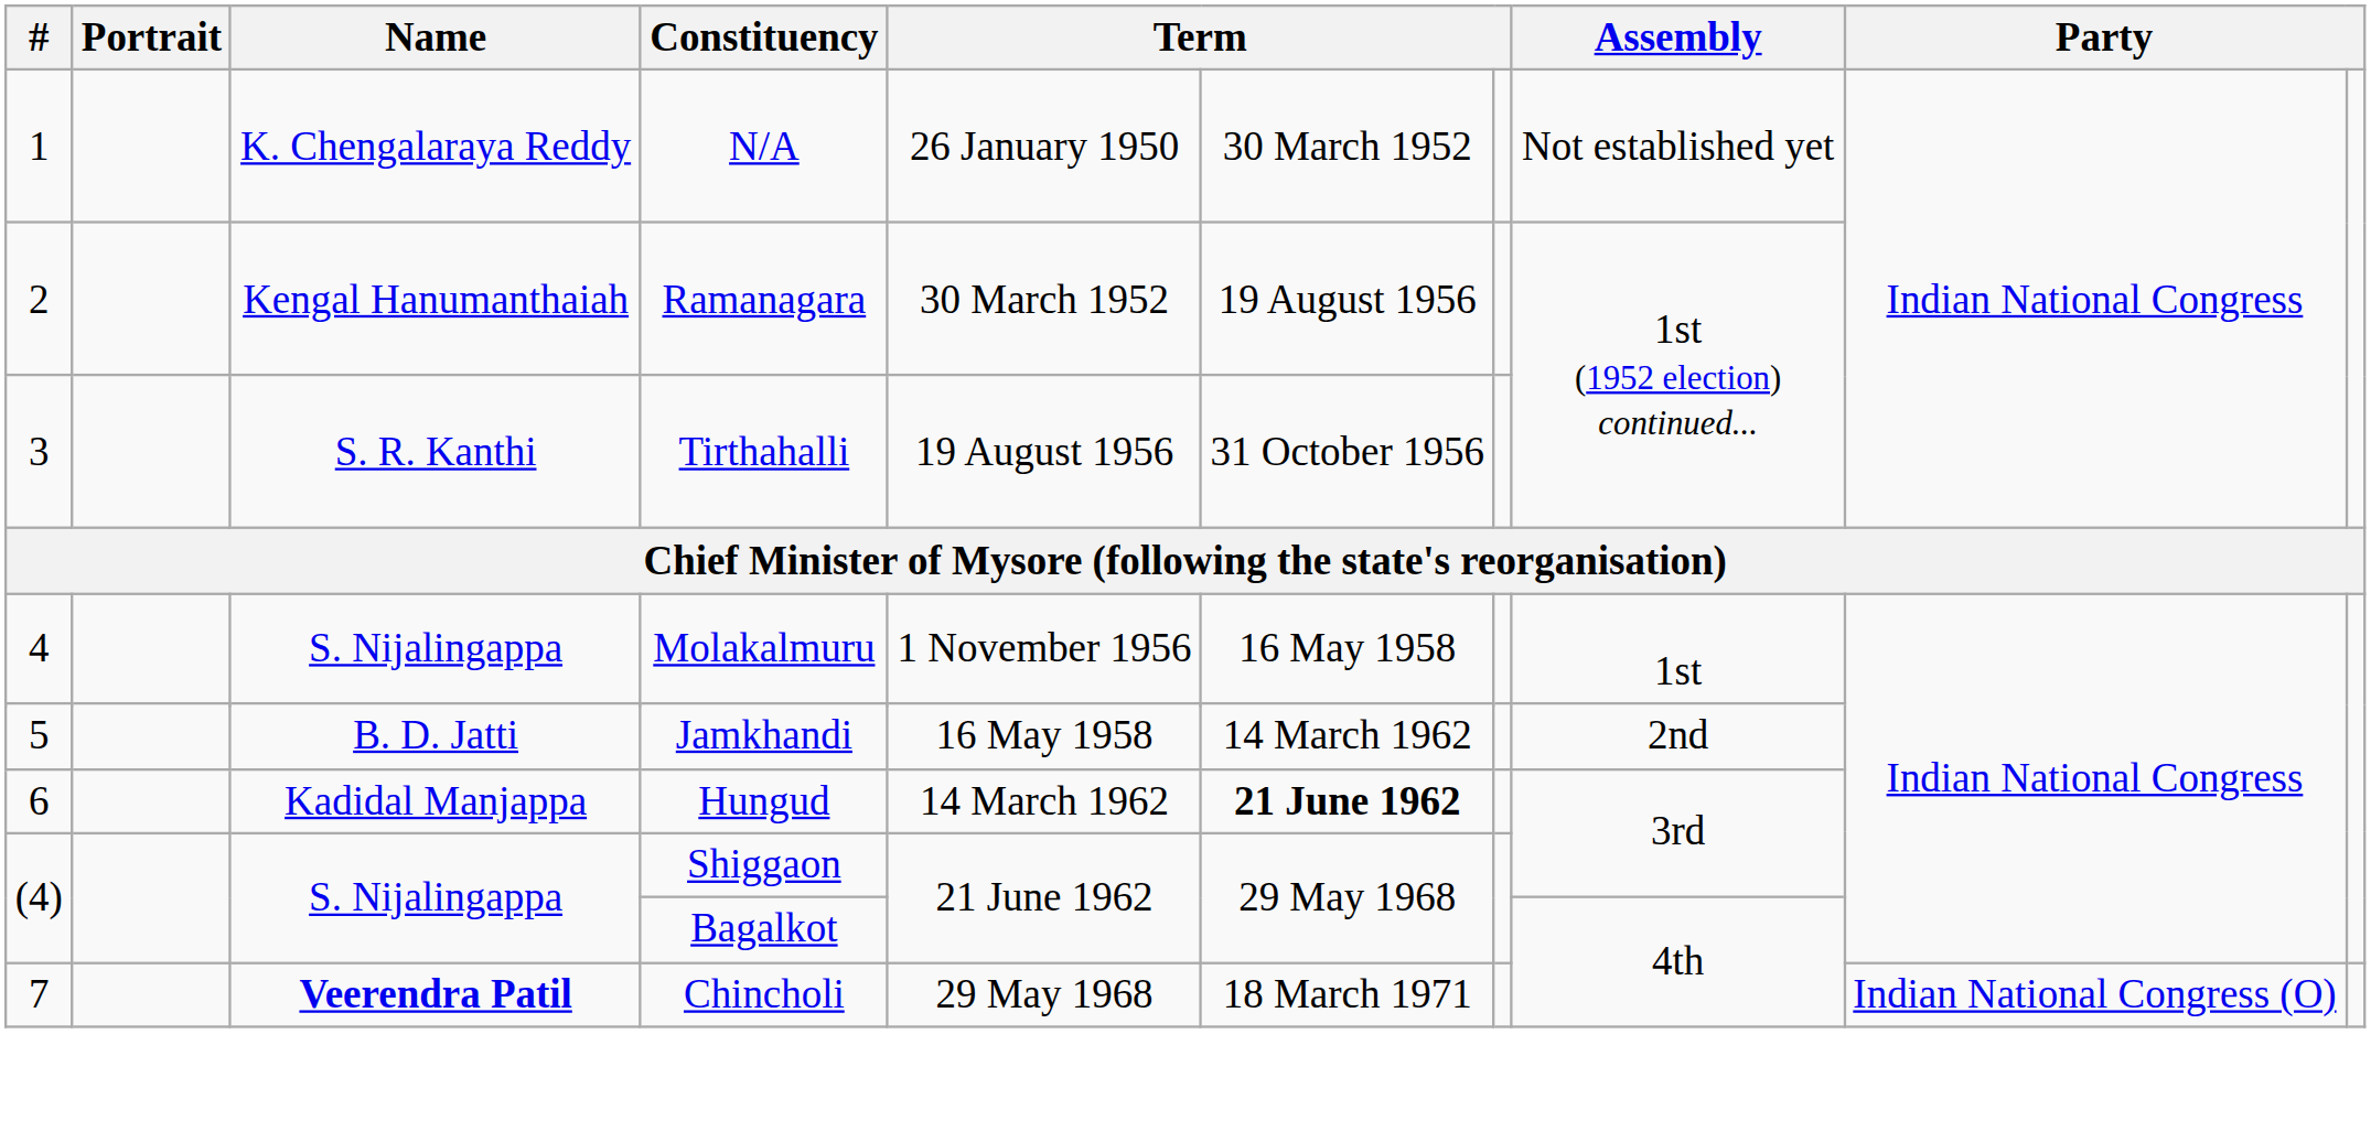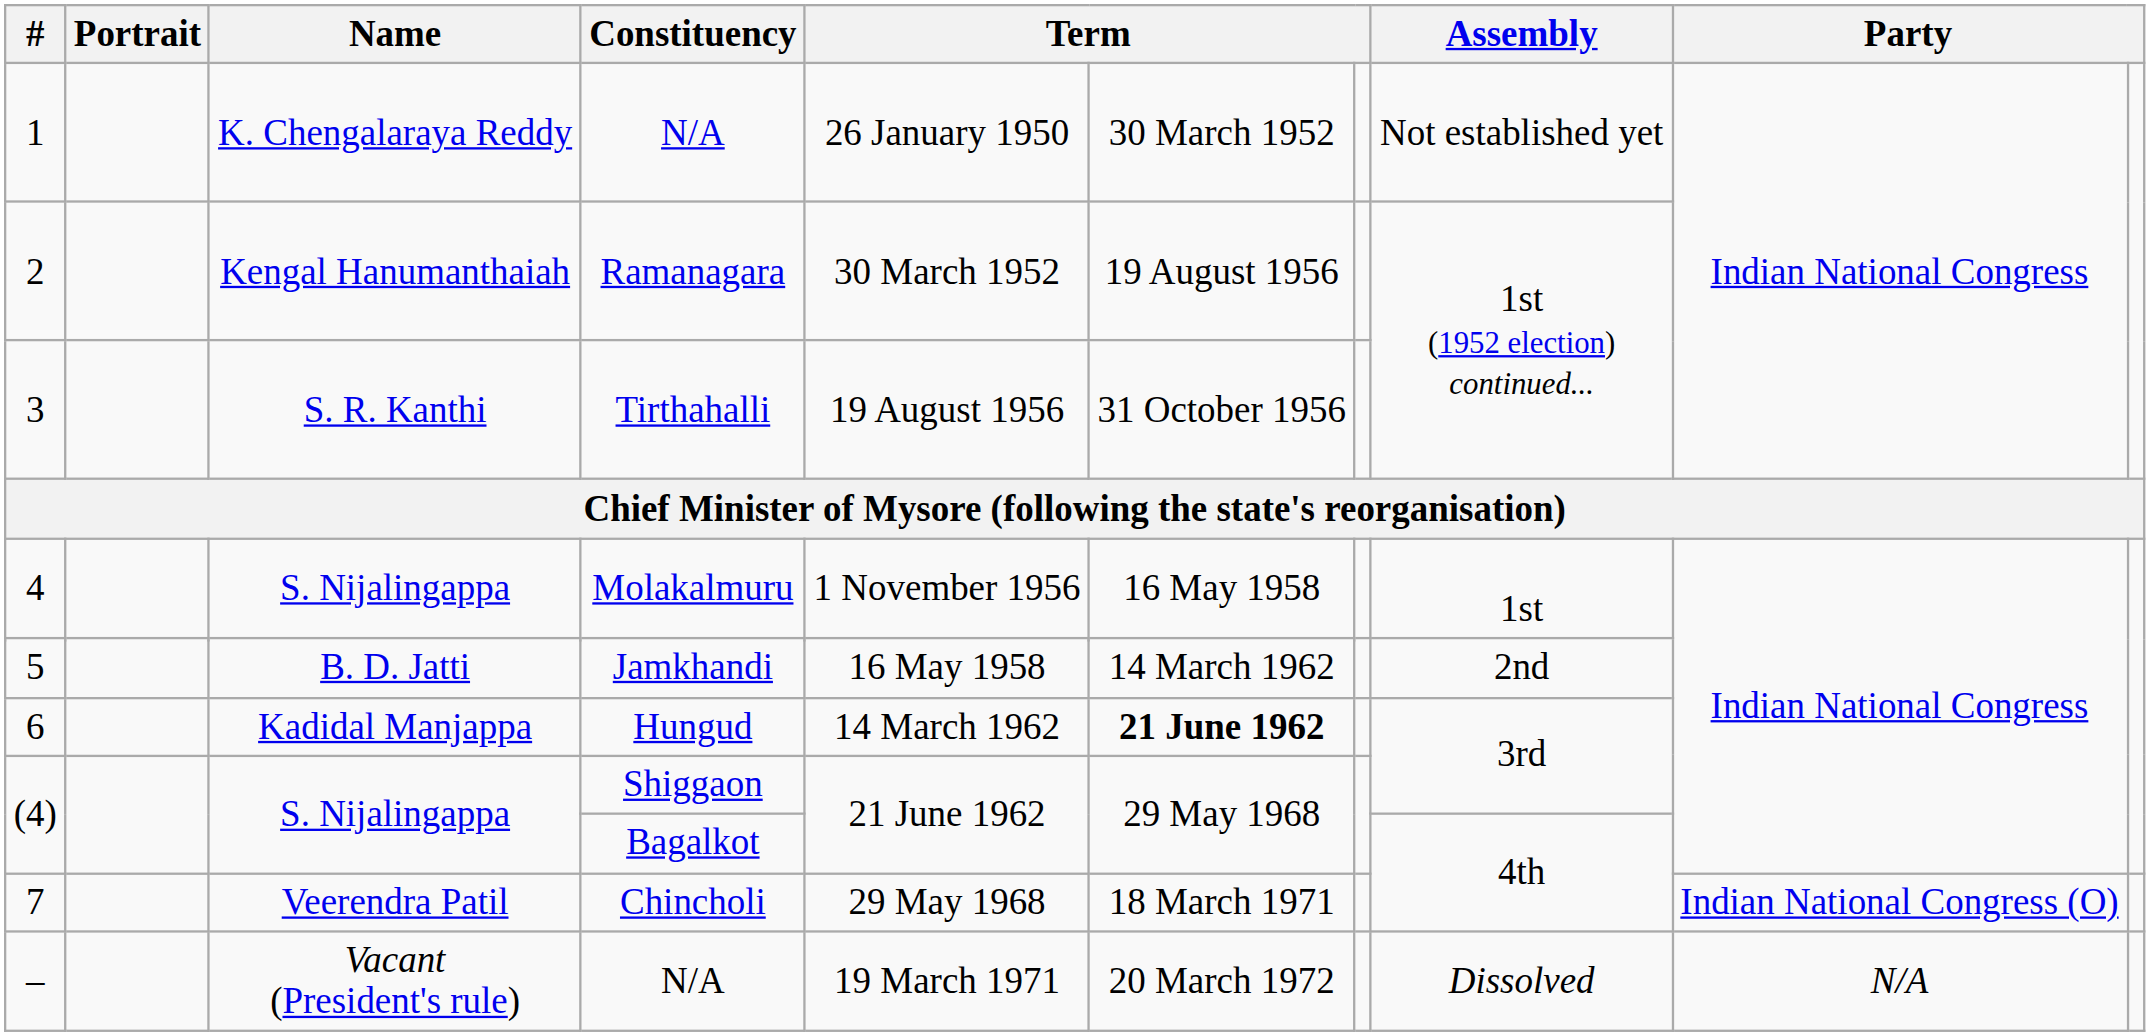 <table class="wikitable" style="text-align:center">
 <tr>
 <th scope="col">#</th>
 <th>Portrait</th>
 <th scope="col">Name</th>
 <th>Constituency</th>
 <th colspan="3" scope="col">Term<br></th>
 <th scope="col"><a href='#'>Assembly</a><br></th>
 <th colspan="2" scope="col">Party</th>
 </tr>
 <tr style="height: 60px;">
 <td>1</td>
 <td></td>
 <td><a href='#'>K. Chengalaraya Reddy</a></td>
 <td><a href='#'>N/A</a></td>
 <td>26 January 1950</td>
 <td>30 March 1952</td>
 <td></td>
 <td>Not established yet</td>
 <td rowspan="3"><a href='#'>Indian National Congress</a></td>
 <td rowspan="3" style="background-color: "></td>
 </tr>
 <tr style="height: 60px;">
 <td>2</td>
 <td></td>
 <td><a href='#'>Kengal Hanumanthaiah</a></td>
 <td><a href='#'>Ramanagara</a></td>
 <td>30 March 1952</td>
 <td>19 August 1956</td>
 <td></td>
 <td rowspan="2">1st<br><small>(<a href='#'>1952 election</a>)<br><em>continued...</em></small></td>
 </tr>
 <tr style="height: 60px;">
 <td>3</td>
 <td></td>
 <td><a href='#'>S. R. Kanthi</a></td>
 <td><a href='#'>Tirthahalli</a></td>
 <td>19 August 1956</td>
 <td>31 October 1956</td>
 <td></td>
 </tr>
 <tr>
 <th colspan="10">Chief Minister of Mysore (following the state's reorganisation)</th>
 </tr>
 <tr style="text-align:center">
 <td rowspan="2">4</td>
 <td rowspan="2"></td>
 <td rowspan="2"><a href='#'>S. Nijalingappa</a></td>
 <td rowspan="2"><a href='#'>Molakalmuru</a></td>
 <td rowspan="2">1 November 1956</td>
 <td rowspan="2">16 May 1958</td>
 <td rowspan="2"></td>
 <td><br>1st<br></td>
 <td rowspan="6"><a href='#'>Indian National Congress</a></td>
 <td rowspan="6" style="background-color: "></td>
 </tr>
 <tr style="text-align:center">
 <td rowspan="2">2nd<br></td>
 </tr>
 <tr style="text-align:center">
 <td>5</td>
 <td></td>
 <td><a href='#'>B. D. Jatti</a></td>
 <td><a href='#'>Jamkhandi</a></td>
 <td>16 May 1958</td>
 <td>14 March 1962</td>
 <td></td>
 </tr>
 <tr style="text-align:center">
 <td>6</td>
 <td></td>
 <td><a href='#'>Kadidal Manjappa</a></td>
 <td><a href='#'>Hungud</a></td>
 <td>14 March 1962</td>
 <td><strong>21 June 1962</strong></td>
 <td></td>
 <td rowspan="2">3rd<br></td>
 </tr>
 <tr style="text-align:center">
 <td rowspan="2">(4)</td>
 <td rowspan="2"></td>
 <td rowspan="2"><a href='#'>S. Nijalingappa</a></td>
 <td><a href='#'>Shiggaon</a></td>
 <td rowspan="2">21 June 1962</td>
 <td rowspan="2">29 May 1968</td>
 <td rowspan="2"></td>
 </tr>
 <tr style="text-align:center">
 <td><a href='#'>Bagalkot</a></td>
 <td rowspan="2">4th<br></td>
 </tr>
 <tr style="text-align:center">
 <td>7</td>
 <td></td>
-<td><strong><a href='#'>Veerendra Patil</a></strong></td>
+<td><a href='#'>Veerendra Patil</a></td>
 <td><a href='#'>Chincholi</a></td>
 <td>29 May 1968</td>
 <td>18 March 1971</td>
 <td></td>
 <td><a href='#'>Indian National Congress (O)</a></td>
 <td style="background-color: "></td>
 </tr>
+<tr style="text-align:center">
+<td>–</td>
+<td></td>
+<td scope="row"><em>Vacant</em><br>(<a href='#'>President's rule</a>)</td>
+<td>N/A</td>
+<td>19 March 1971</td>
+<td>20 March 1972</td>
+<td></td>
+<td><em>Dissolved</em></td>
+<td><em>N/A</em></td>
+<td></td>
+</tr>
 </table>
